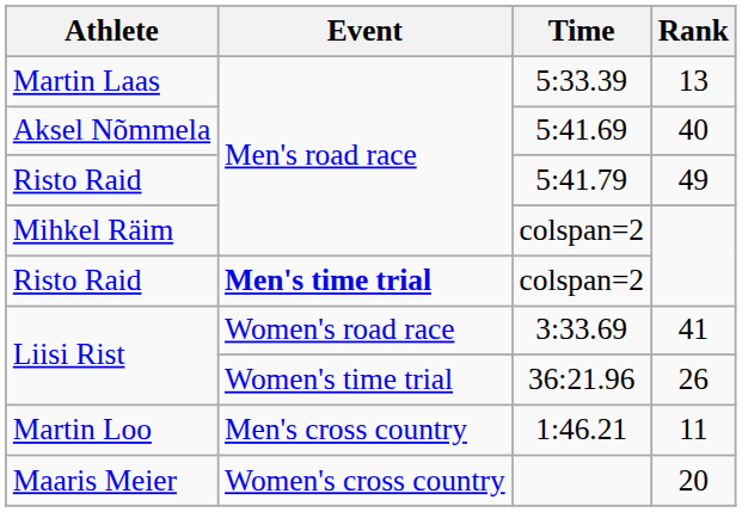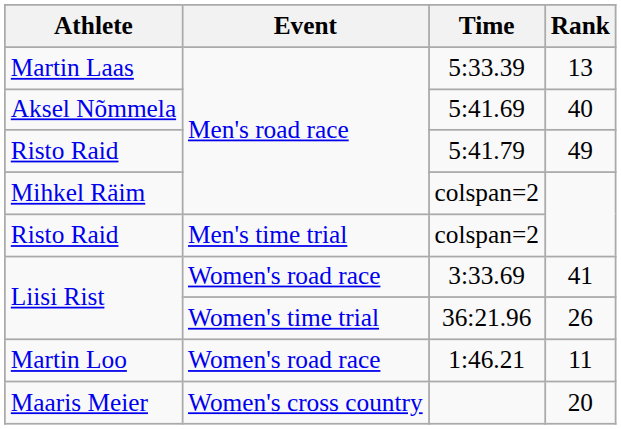 <table class=wikitable style="font-size:90%">
 <tr>
 <th>Athlete</th>
 <th>Event</th>
 <th>Time</th>
 <th>Rank</th>
 </tr>
 <tr align=center>
 <td align=left><a href='#'>Martin Laas</a></td>
 <td align=left rowspan=4><a href='#'>Men's road race</a></td>
 <td>5:33.39</td>
 <td>13</td>
 </tr>
 <tr align=center>
 <td align=left><a href='#'>Aksel Nõmmela</a></td>
 <td>5:41.69</td>
 <td>40</td>
 </tr>
 <tr align=center>
 <td align=left><a href='#'>Risto Raid</a></td>
 <td>5:41.79</td>
 <td>49</td>
 </tr>
 <tr align=center>
 <td align=left><a href='#'>Mihkel Räim</a></td>
 <td>colspan=2 </td>
 </tr>
 <tr align=center>
 <td align=left><a href='#'>Risto Raid</a></td>
-<td align=left><strong><a href='#'>Men's time trial</a></strong></td>
+<td align=left><a href='#'>Men's time trial</a></td>
 <td>colspan=2 </td>
 </tr>
 <tr align=center>
 <td align=left rowspan=2><a href='#'>Liisi Rist</a></td>
 <td align=left><a href='#'>Women's road race</a></td>
 <td>3:33.69</td>
 <td>41</td>
 </tr>
 <tr align=center>
 <td align=left><a href='#'>Women's time trial</a></td>
 <td>36:21.96</td>
 <td>26</td>
 </tr>
 <tr align=center>
 <td align=left><a href='#'>Martin Loo</a></td>
-<td align=left><a href='#'>Men's cross country</a></td>
+<td align=left><a href='#'>Women's road race</a></td>
 <td>1:46.21</td>
 <td>11</td>
 </tr>
 <tr align=center>
 <td align=left><a href='#'>Maaris Meier</a></td>
 <td align=left><a href='#'>Women's cross country</a></td>
 <td></td>
 <td>20</td>
 </tr>
 </table>
